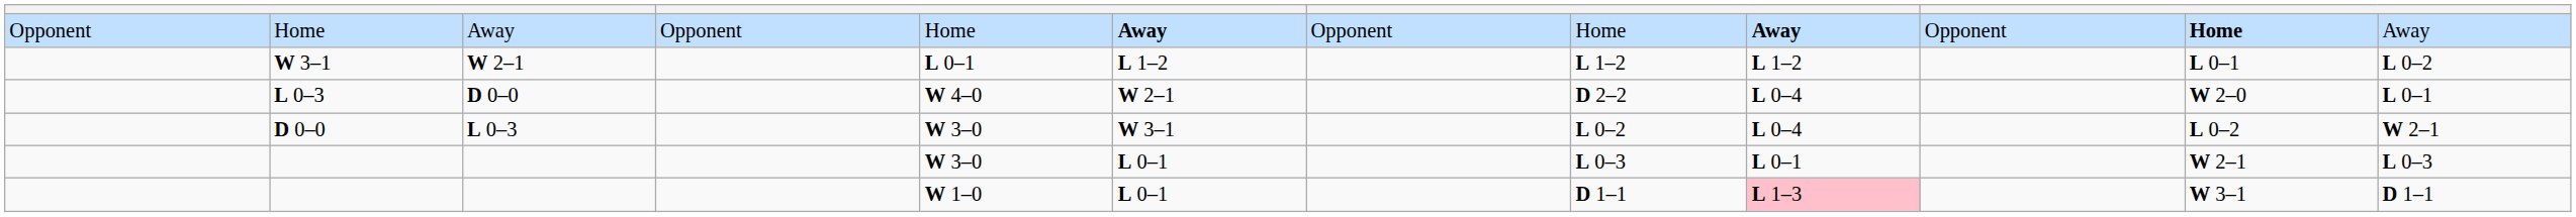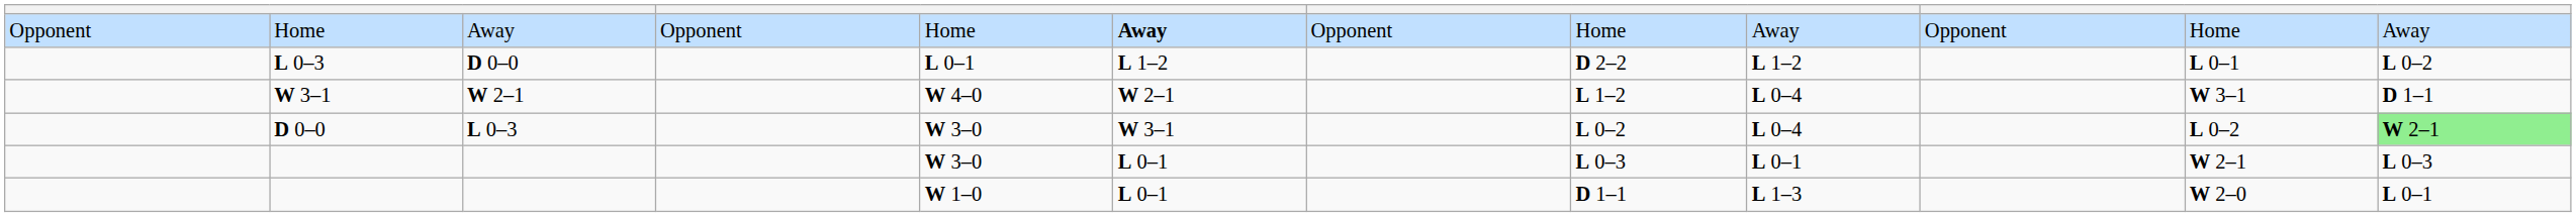 <table class="wikitable" style="text-align: centre;width: 100%">
 <tr>
 <th colspan=3></th>
 <th colspan=3></th>
 <th colspan=3></th>
 <th colspan=3></th>
 </tr>
 <tr bgcolor=#c1e0ff>
 <td>Opponent</td>
 <td>Home</td>
 <td>Away</td>
 <td>Opponent</td>
 <td>Home</td>
 <td><strong>Away</strong></td>
 <td>Opponent</td>
 <td>Home</td>
-<td><strong>Away</strong></td>
+<td>Away</td>
 <td>Opponent</td>
-<td><strong>Home</strong></td>
+<td>Home</td>
 <td>Away</td>
 </tr>
 <tr>
 <td align=left></td>
-<td><strong>W</strong> 3–1</td>
-<td><strong>W</strong> 2–1</td>
+<td><strong>L</strong> 0–3</td>
+<td><strong>D</strong> 0–0</td>
 <td align=left></td>
 <td><strong>L</strong> 0–1</td>
 <td><strong>L</strong> 1–2</td>
 <td align=left></td>
-<td><strong>L</strong> 1–2</td>
+<td><strong>D</strong> 2–2</td>
 <td><strong>L</strong> 1–2</td>
 <td align=left></td>
 <td><strong>L</strong> 0–1</td>
 <td><strong>L</strong> 0–2</td>
 </tr>
 <tr>
 <td align=left></td>
-<td><strong>L</strong> 0–3</td>
-<td><strong>D</strong> 0–0</td>
+<td><strong>W</strong> 3–1</td>
+<td><strong>W</strong> 2–1</td>
 <td align=left></td>
 <td><strong>W</strong> 4–0</td>
 <td><strong>W</strong> 2–1</td>
 <td align=left></td>
-<td><strong>D</strong> 2–2</td>
+<td><strong>L</strong> 1–2</td>
 <td><strong>L</strong> 0–4</td>
 <td align=left></td>
-<td><strong>W</strong> 2–0</td>
-<td><strong>L</strong> 0–1</td>
+<td><strong>W</strong> 3–1</td>
+<td><strong>D</strong> 1–1</td>
 </tr>
 <tr>
 <td align=left></td>
 <td><strong>D</strong> 0–0</td>
 <td><strong>L</strong> 0–3</td>
 <td align=left></td>
 <td><strong>W</strong> 3–0</td>
 <td><strong>W</strong> 3–1</td>
 <td align=left></td>
 <td><strong>L</strong> 0–2</td>
 <td><strong>L</strong> 0–4</td>
 <td align=left></td>
 <td><strong>L</strong> 0–2</td>
-<td><strong>W</strong> 2–1</td>
+<td style="background: lightgreen;"><strong>W</strong> 2–1</td>
 </tr>
 <tr>
 <td></td>
 <td></td>
 <td></td>
 <td align=left></td>
 <td><strong>W</strong> 3–0</td>
 <td><strong>L</strong> 0–1</td>
 <td align=left></td>
 <td><strong>L</strong> 0–3</td>
 <td><strong>L</strong> 0–1</td>
 <td align=left></td>
 <td><strong>W</strong> 2–1</td>
 <td><strong>L</strong> 0–3</td>
 </tr>
 <tr>
 <td></td>
 <td></td>
 <td></td>
 <td align=left></td>
 <td><strong>W</strong> 1–0</td>
 <td><strong>L</strong> 0–1</td>
 <td align=left></td>
 <td><strong>D</strong> 1–1</td>
-<td style="background: pink;"><strong>L</strong> 1–3</td>
+<td><strong>L</strong> 1–3</td>
 <td align=left></td>
-<td><strong>W</strong> 3–1</td>
-<td><strong>D</strong> 1–1</td>
+<td><strong>W</strong> 2–0</td>
+<td><strong>L</strong> 0–1</td>
 </tr>
 </table>
